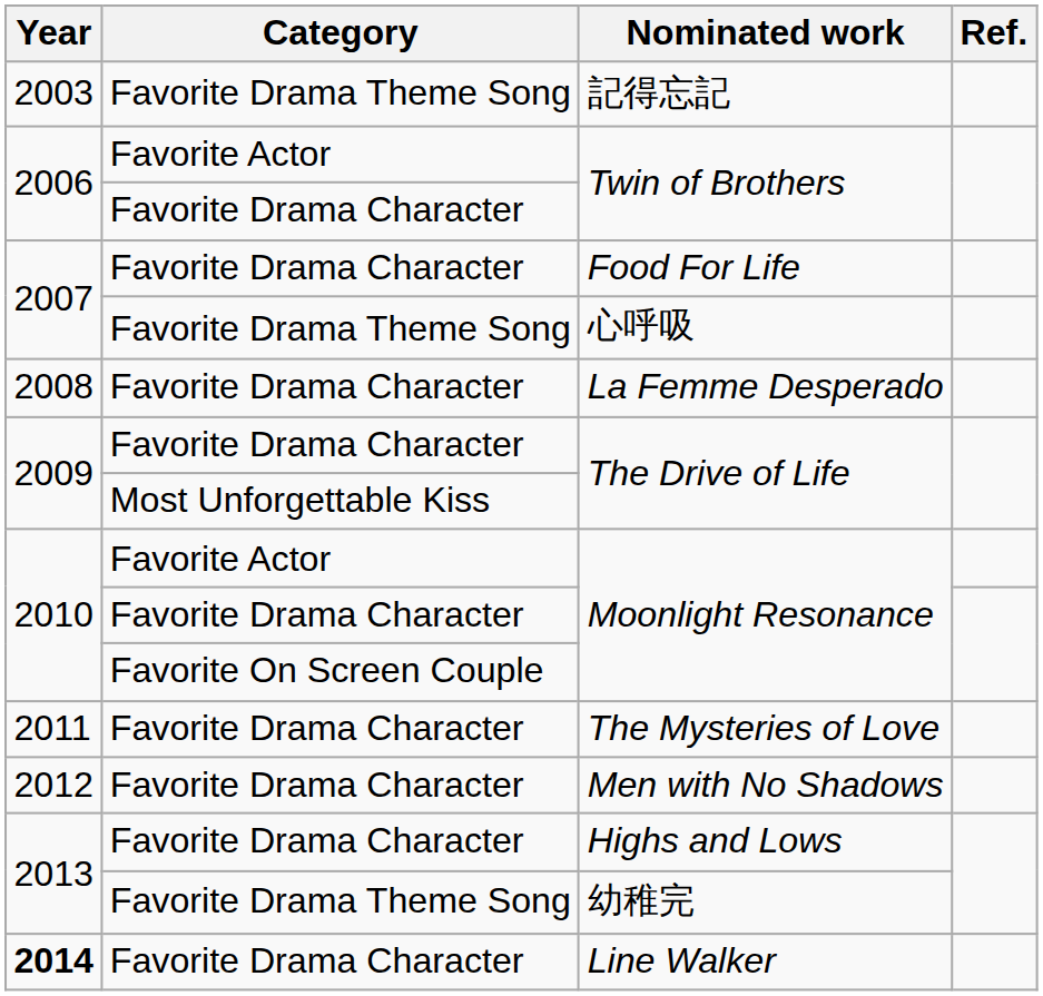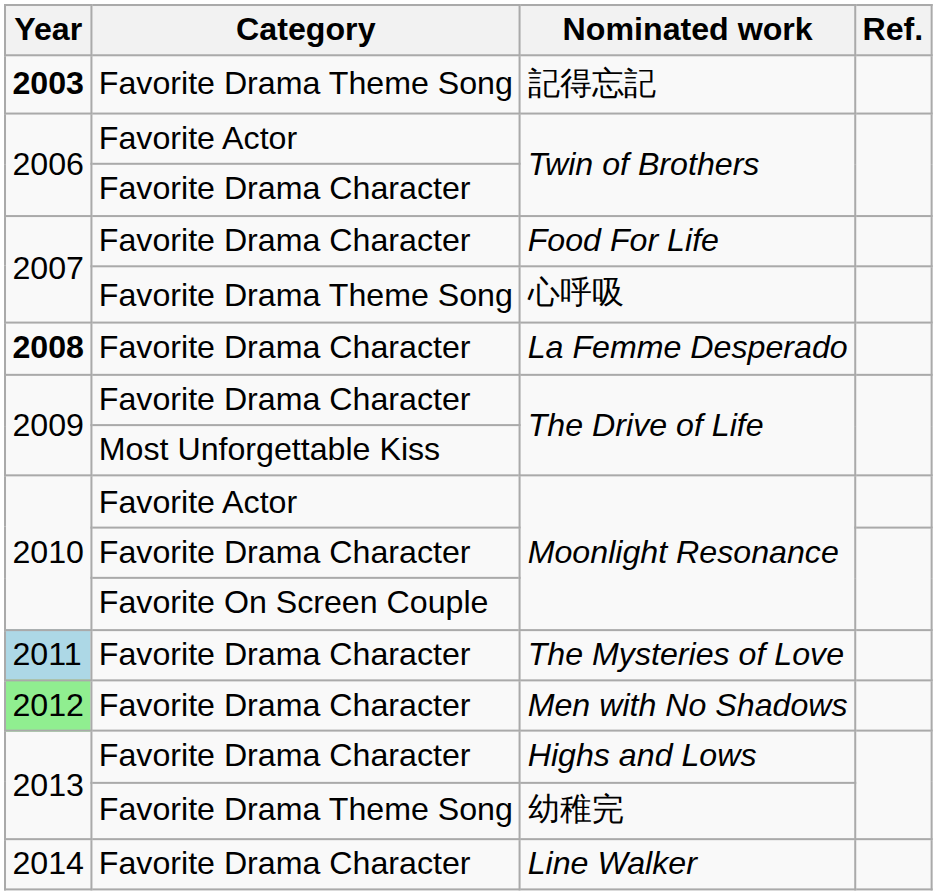 <table class="wikitable">
 <tr>
 <th>Year</th>
 <th>Category</th>
 <th>Nominated work</th>
 <th>Ref.</th>
 </tr>
 <tr>
-<td>2003</td>
+<td><strong>2003</strong></td>
 <td>Favorite Drama Theme Song</td>
 <td>記得忘記</td>
 <td></td>
 </tr>
 <tr>
 <td rowspan=2>2006</td>
 <td>Favorite Actor</td>
 <td rowspan=2><em>Twin of Brothers</em></td>
 <td rowspan=2></td>
 </tr>
 <tr>
 <td>Favorite Drama Character</td>
 </tr>
 <tr>
 <td rowspan=2>2007</td>
 <td>Favorite Drama Character</td>
 <td><em>Food For Life</em></td>
 <td></td>
 </tr>
 <tr>
 <td>Favorite Drama Theme Song</td>
 <td>心呼吸</td>
 <td></td>
 </tr>
 <tr>
-<td>2008</td>
+<td><strong>2008</strong></td>
 <td>Favorite Drama Character</td>
 <td><em>La Femme Desperado</em></td>
 <td></td>
 </tr>
 <tr>
 <td rowspan=2>2009</td>
 <td>Favorite Drama Character</td>
 <td rowspan=2><em>The Drive of Life</em></td>
 <td rowspan=2></td>
 </tr>
 <tr>
 <td>Most Unforgettable Kiss</td>
 </tr>
 <tr>
 <td rowspan=3>2010</td>
 <td>Favorite Actor</td>
 <td rowspan=3><em>Moonlight Resonance</em></td>
 <td></td>
 </tr>
 <tr>
 <td>Favorite Drama Character</td>
 <td rowspan=2></td>
 </tr>
 <tr>
 <td>Favorite On Screen Couple</td>
 </tr>
 <tr>
-<td>2011</td>
+<td style="background: lightblue;">2011</td>
 <td>Favorite Drama Character</td>
 <td><em>The Mysteries of Love</em></td>
 <td></td>
 </tr>
 <tr>
-<td>2012</td>
+<td style="background: lightgreen;">2012</td>
 <td>Favorite Drama Character</td>
 <td><em>Men with No Shadows</em></td>
 <td></td>
 </tr>
 <tr>
 <td rowspan=2>2013</td>
 <td>Favorite Drama Character</td>
 <td><em>Highs and Lows</em></td>
 <td rowspan=2></td>
 </tr>
 <tr>
 <td>Favorite Drama Theme Song</td>
 <td>幼稚完</td>
 </tr>
 <tr>
-<td><strong>2014</strong></td>
+<td>2014</td>
 <td>Favorite Drama Character</td>
 <td><em>Line Walker</em></td>
 <td></td>
 </tr>
 </table>
